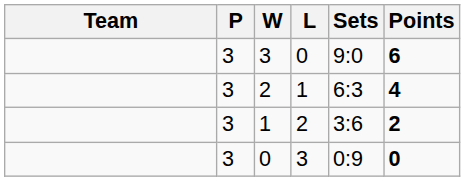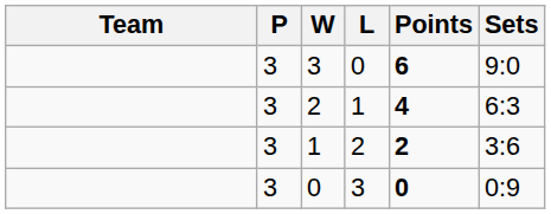 <table class="wikitable" style+"text-align:center;">
 <tr>
 <th width=150>Team</th>
 <th width=20>P</th>
 <th width=20>W</th>
 <th width=20>L</th>
+<th width=20>Points</th>
 <th width=20>Sets</th>
-<th width=20>Points</th>
 </tr>
 <tr>
 <td align="left"></td>
 <td>3</td>
 <td>3</td>
 <td>0</td>
+<td><strong>6</strong></td>
 <td>9:0</td>
-<td><strong>6</strong></td>
 </tr>
 <tr>
 <td align="left"></td>
 <td>3</td>
 <td>2</td>
 <td>1</td>
+<td><strong>4</strong></td>
 <td>6:3</td>
-<td><strong>4</strong></td>
 </tr>
 <tr>
 <td align="left"></td>
 <td>3</td>
 <td>1</td>
 <td>2</td>
+<td><strong>2</strong></td>
 <td>3:6</td>
-<td><strong>2</strong></td>
 </tr>
 <tr>
 <td align="left"></td>
 <td>3</td>
 <td>0</td>
 <td>3</td>
+<td><strong>0</strong></td>
 <td>0:9</td>
-<td><strong>0</strong></td>
 </tr>
 </table>
